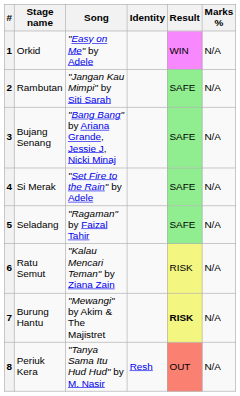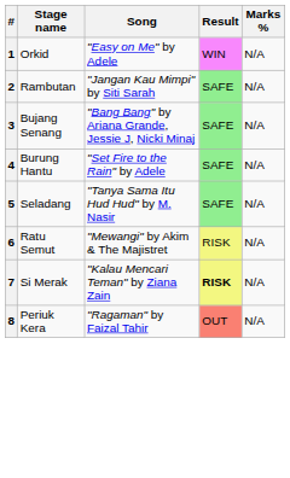 <table class="wikitable plainrowheaders" style="width: 60%; style=text-align: center;">
 <tr>
 <th>#</th>
 <th>Stage name</th>
 <th>Song</th>
-<th>Identity</th>
 <th>Result</th>
 <th>Marks %</th>
 </tr>
 <tr>
 <th>1</th>
 <td>Orkid</td>
 <td><em>"<a href='#'>Easy on Me</a>"</em> by <a href='#'>Adele</a></td>
-<td></td>
 <td bgcolor=#F888FD>WIN</td>
 <td>N/A</td>
 </tr>
 <tr>
 <th>2</th>
 <td>Rambutan</td>
 <td><em>"Jangan Kau Mimpi"</em> by <a href='#'>Siti Sarah</a></td>
-<td></td>
 <td bgcolor="lightgreen">SAFE</td>
 <td>N/A</td>
 </tr>
 <tr>
 <th>3</th>
 <td>Bujang Senang</td>
 <td><em>"<a href='#'>Bang Bang</a>"</em> by <a href='#'>Ariana Grande</a>, <a href='#'>Jessie J</a>, <a href='#'>Nicki Minaj</a></td>
-<td></td>
 <td bgcolor="lightgreen">SAFE</td>
 <td>N/A</td>
 </tr>
 <tr>
 <th>4</th>
-<td>Si Merak</td>
+<td>Burung Hantu</td>
 <td><em>"<a href='#'>Set Fire to the Rain</a>"</em> by <a href='#'>Adele</a></td>
-<td></td>
 <td bgcolor="lightgreen">SAFE</td>
 <td>N/A</td>
 </tr>
 <tr>
 <th>5</th>
 <td>Seladang</td>
-<td><em>"Ragaman"</em> by <a href='#'>Faizal Tahir</a></td>
-<td></td>
+<td><em>"Tanya Sama Itu Hud Hud"</em> by <a href='#'>M. Nasir</a></td>
 <td bgcolor="lightgreen">SAFE</td>
 <td>N/A</td>
 </tr>
 <tr>
 <th>6</th>
 <td>Ratu Semut</td>
-<td><em>"Kalau Mencari Teman"</em> by <a href='#'>Ziana Zain</a></td>
-<td></td>
+<td><em>"Mewangi"</em> by Akim & The Majistret</td>
 <td bgcolor=#F3F781>RISK</td>
 <td>N/A</td>
 </tr>
 <tr>
 <th>7</th>
-<td>Burung Hantu</td>
-<td><em>"Mewangi"</em> by Akim & The Majistret</td>
-<td></td>
+<td>Si Merak</td>
+<td><em>"Kalau Mencari Teman"</em> by <a href='#'>Ziana Zain</a></td>
 <td bgcolor=#F3F781><strong>RISK</strong></td>
 <td>N/A</td>
 </tr>
 <tr>
 <th>8</th>
 <td>Periuk Kera</td>
-<td><em>"Tanya Sama Itu Hud Hud"</em> by <a href='#'>M. Nasir</a></td>
-<td><a href='#'>Resh</a></td>
+<td><em>"Ragaman"</em> by <a href='#'>Faizal Tahir</a></td>
 <td bgcolor=salmon>OUT</td>
 <td>N/A</td>
 </tr>
 </table>
